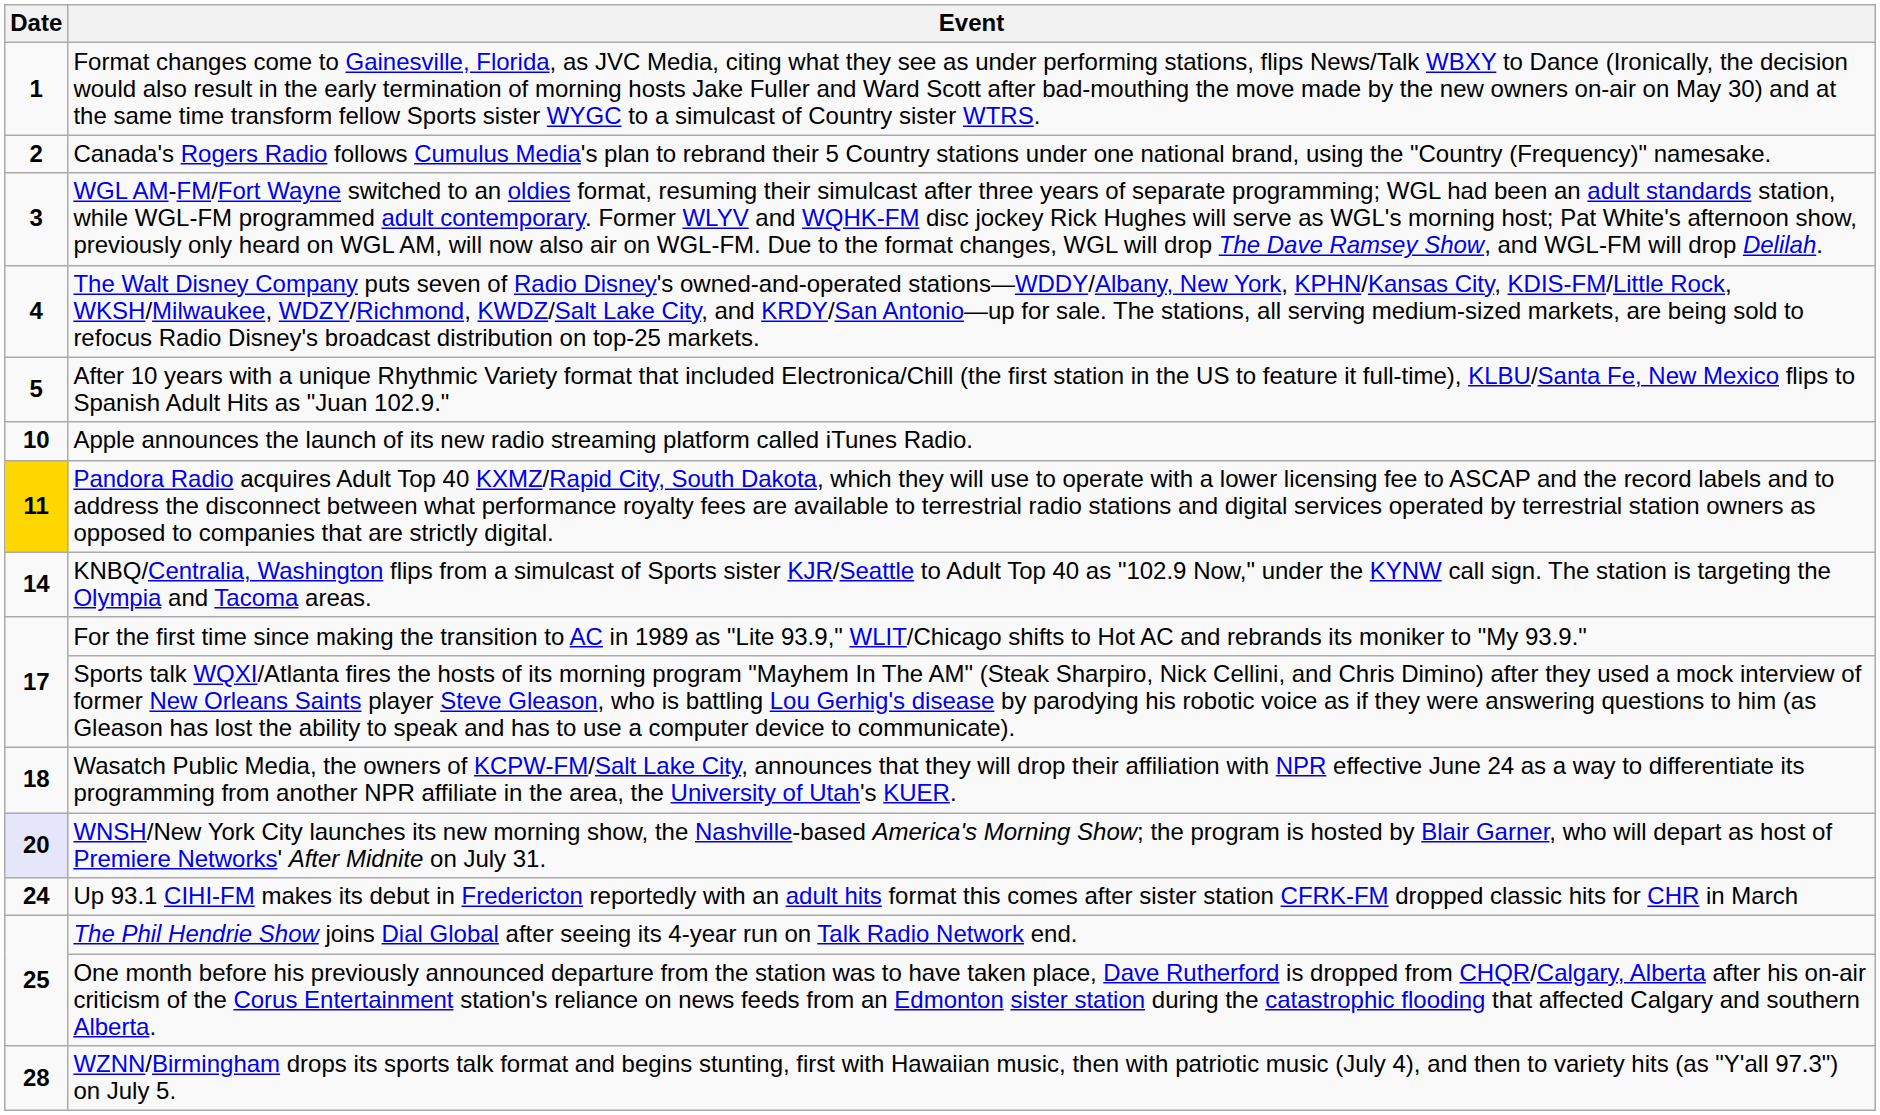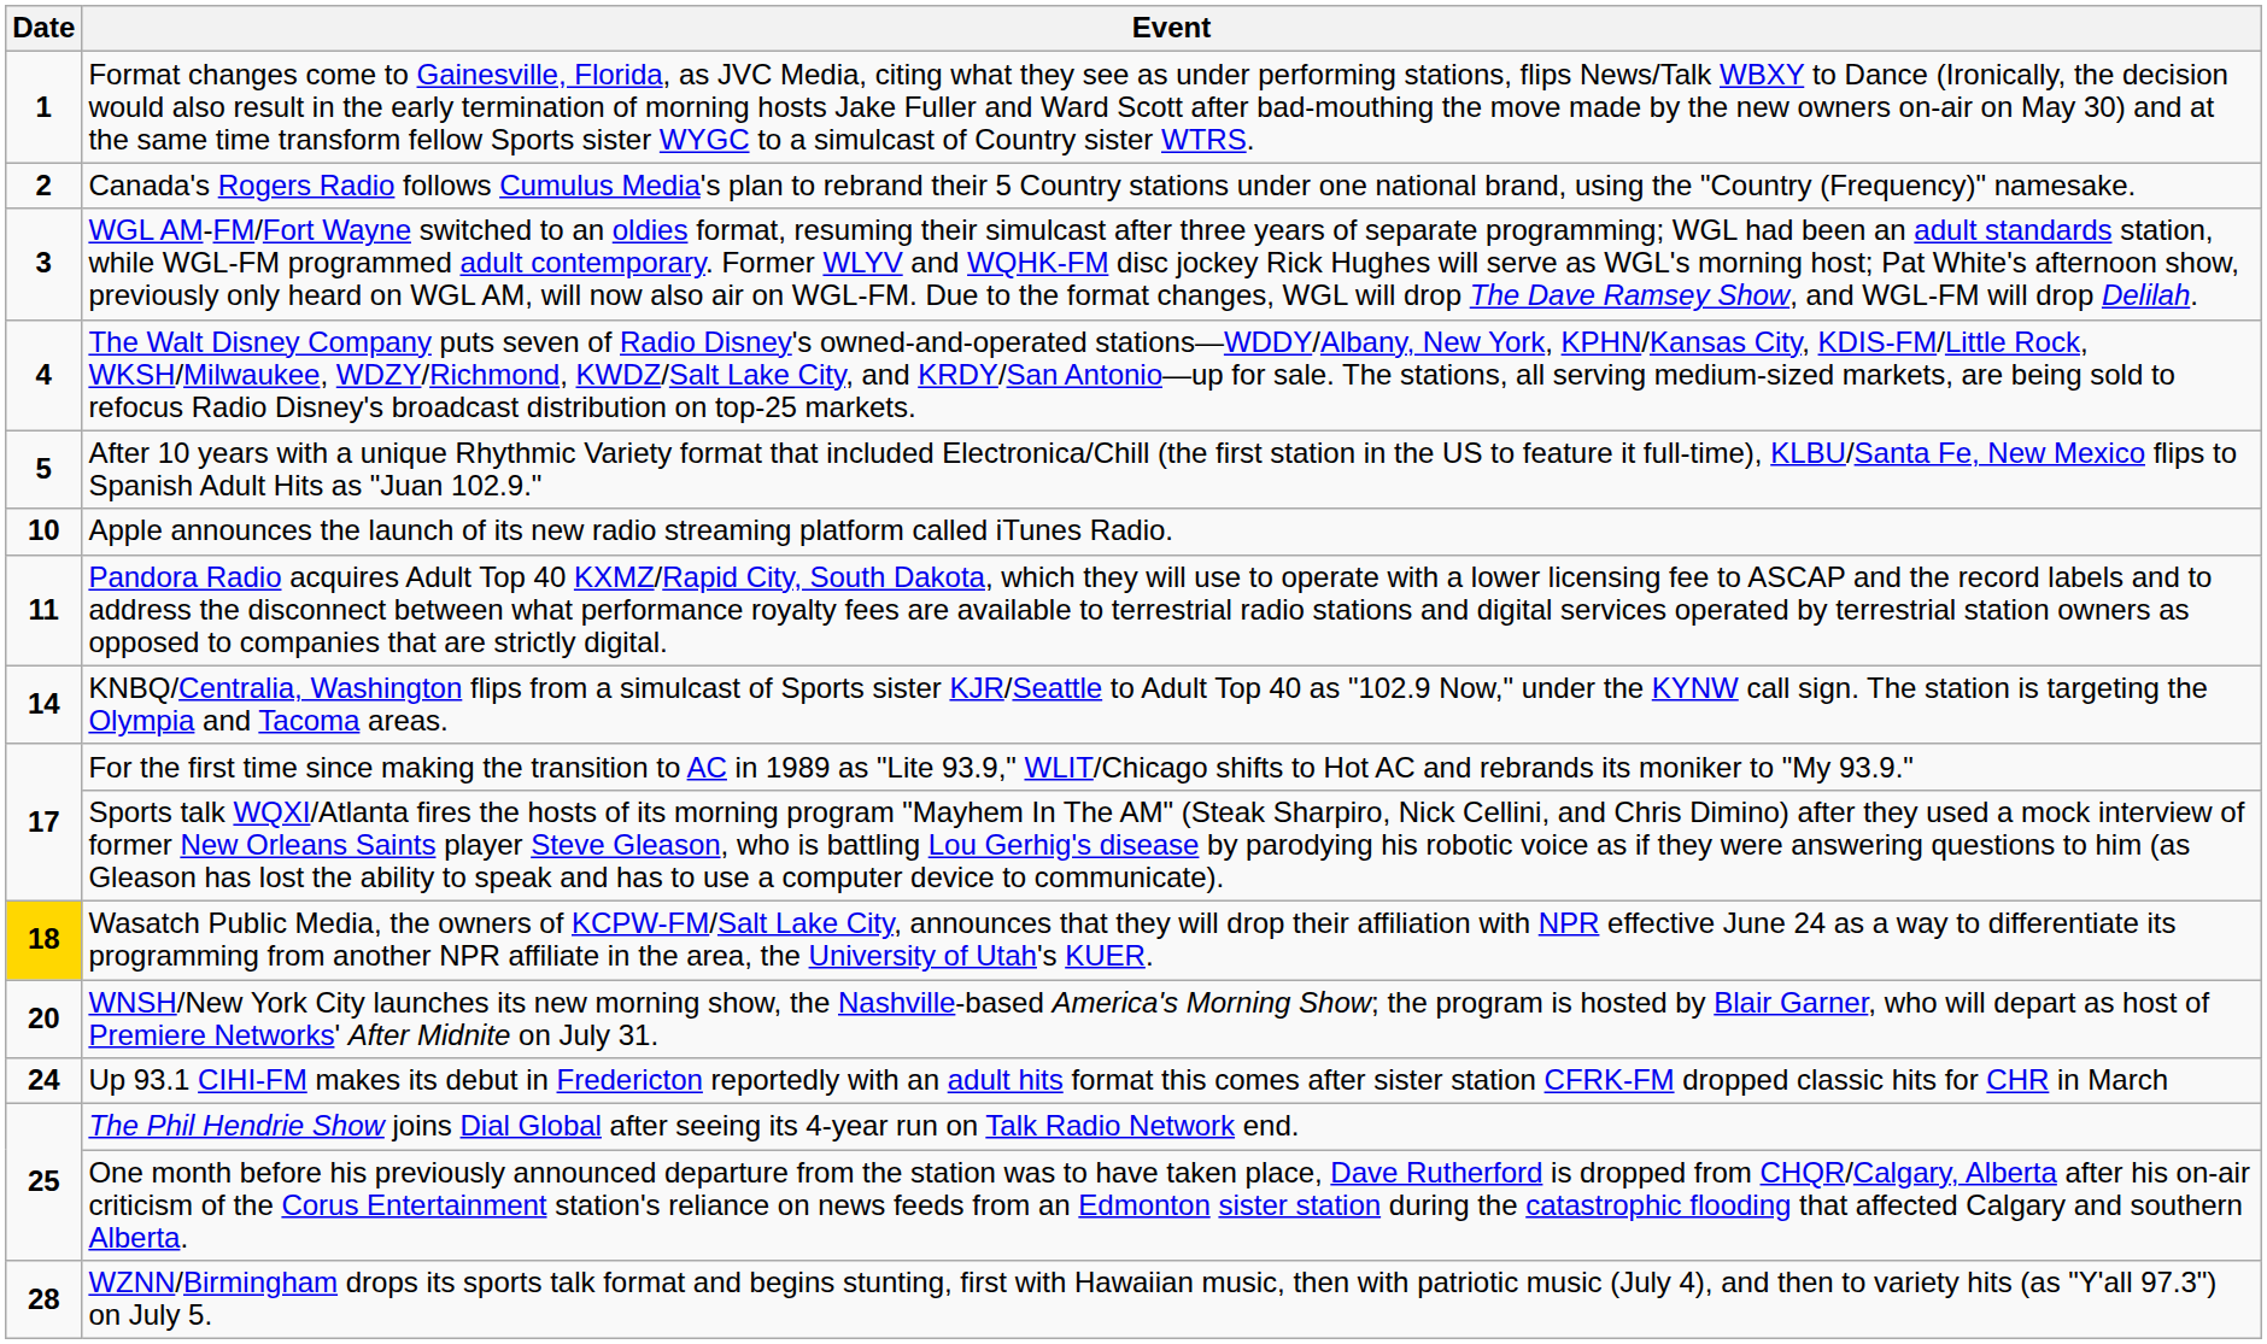 <table class="wikitable">
 <tr>
 <th>Date</th>
 <th>Event</th>
 </tr>
 <tr>
 <td style="text-align:center;"><strong>1</strong></td>
 <td>Format changes come to <a href='#'>Gainesville, Florida</a>, as JVC Media, citing what they see as under performing stations, flips News/Talk <a href='#'>WBXY</a> to Dance (Ironically, the decision would also result in the early termination of morning hosts Jake Fuller and Ward Scott after bad-mouthing the move made by the new owners on-air on May 30) and at the same time transform fellow Sports sister <a href='#'>WYGC</a> to a simulcast of Country sister <a href='#'>WTRS</a>.</td>
 </tr>
 <tr>
 <td style="text-align:center;"><strong>2</strong></td>
 <td>Canada's <a href='#'>Rogers Radio</a> follows <a href='#'>Cumulus Media</a>'s plan to rebrand their 5 Country stations under one national brand, using the "Country (Frequency)" namesake.</td>
 </tr>
 <tr>
 <td style="text-align:center;"><strong>3</strong></td>
 <td><a href='#'>WGL AM</a>-<a href='#'>FM</a>/<a href='#'>Fort Wayne</a> switched to an <a href='#'>oldies</a> format, resuming their simulcast after three years of separate programming; WGL had been an <a href='#'>adult standards</a> station, while WGL-FM programmed <a href='#'>adult contemporary</a>. Former <a href='#'>WLYV</a> and <a href='#'>WQHK-FM</a> disc jockey Rick Hughes will serve as WGL's morning host; Pat White's afternoon show, previously only heard on WGL AM, will now also air on WGL-FM. Due to the format changes, WGL will drop <em><a href='#'>The Dave Ramsey Show</a></em>, and WGL-FM will drop <em><a href='#'>Delilah</a></em>.</td>
 </tr>
 <tr>
 <td style="text-align:center;"><strong>4</strong></td>
 <td><a href='#'>The Walt Disney Company</a> puts seven of <a href='#'>Radio Disney</a>'s owned-and-operated stations—<a href='#'>WDDY</a>/<a href='#'>Albany, New York</a>, <a href='#'>KPHN</a>/<a href='#'>Kansas City</a>, <a href='#'>KDIS-FM</a>/<a href='#'>Little Rock</a>, <a href='#'>WKSH</a>/<a href='#'>Milwaukee</a>, <a href='#'>WDZY</a>/<a href='#'>Richmond</a>, <a href='#'>KWDZ</a>/<a href='#'>Salt Lake City</a>, and <a href='#'>KRDY</a>/<a href='#'>San Antonio</a>—up for sale. The stations, all serving medium-sized markets, are being sold to refocus Radio Disney's broadcast distribution on top-25 markets.</td>
 </tr>
 <tr>
 <td style="text-align:center;"><strong>5</strong></td>
 <td>After 10 years with a unique Rhythmic Variety format that included Electronica/Chill (the first station in the US to feature it full-time), <a href='#'>KLBU</a>/<a href='#'>Santa Fe, New Mexico</a> flips to Spanish Adult Hits as "Juan 102.9."</td>
 </tr>
 <tr>
 <td style="text-align:center;"><strong>10</strong></td>
 <td>Apple announces the launch of its new radio streaming platform called iTunes Radio.</td>
 </tr>
 <tr>
-<td style="background: gold; text-align:center;"><strong>11</strong></td>
+<td style="text-align:center;"><strong>11</strong></td>
 <td><a href='#'>Pandora Radio</a> acquires Adult Top 40 <a href='#'>KXMZ</a>/<a href='#'>Rapid City, South Dakota</a>, which they will use to operate with a lower licensing fee to ASCAP and the record labels and to address the disconnect between what performance royalty fees are available to terrestrial radio stations and digital services operated by terrestrial station owners as opposed to companies that are strictly digital.</td>
 </tr>
 <tr>
 <td style="text-align:center;"><strong>14</strong></td>
 <td>KNBQ/<a href='#'>Centralia, Washington</a> flips from a simulcast of Sports sister <a href='#'>KJR</a>/<a href='#'>Seattle</a> to Adult Top 40 as "102.9 Now," under the <a href='#'>KYNW</a> call sign. The station is targeting the <a href='#'>Olympia</a> and <a href='#'>Tacoma</a> areas.</td>
 </tr>
 <tr>
 <td style="text-align:center;" rowspan=2><strong>17</strong></td>
 <td>For the first time since making the transition to <a href='#'>AC</a> in 1989 as "Lite 93.9," <a href='#'>WLIT</a>/Chicago shifts to Hot AC and rebrands its moniker to "My 93.9."</td>
 </tr>
 <tr>
 <td>Sports talk <a href='#'>WQXI</a>/Atlanta fires the hosts of its morning program "Mayhem In The AM" (Steak Sharpiro, Nick Cellini, and Chris Dimino) after they used a mock interview of former <a href='#'>New Orleans Saints</a> player <a href='#'>Steve Gleason</a>, who is battling <a href='#'>Lou Gerhig's disease</a> by parodying his robotic voice as if they were answering questions to him (as Gleason has lost the ability to speak and has to use a computer device to communicate).</td>
 </tr>
 <tr>
-<td style="text-align:center;"><strong>18</strong></td>
+<td style="background: gold; text-align:center;"><strong>18</strong></td>
 <td>Wasatch Public Media, the owners of <a href='#'>KCPW-FM</a>/<a href='#'>Salt Lake City</a>, announces that they will drop their affiliation with <a href='#'>NPR</a> effective June 24 as a way to differentiate its programming from another NPR affiliate in the area, the <a href='#'>University of Utah</a>'s <a href='#'>KUER</a>.</td>
 </tr>
 <tr>
-<td style="background: lavender; text-align:center;"><strong>20</strong></td>
+<td style="text-align:center;"><strong>20</strong></td>
 <td><a href='#'>WNSH</a>/New York City launches its new morning show, the <a href='#'>Nashville</a>-based <em>America's Morning Show</em>; the program is hosted by <a href='#'>Blair Garner</a>, who will depart as host of <a href='#'>Premiere Networks</a>' <em>After Midnite</em> on July 31.</td>
 </tr>
 <tr>
 <td style="text-align:center;"><strong>24</strong></td>
 <td>Up 93.1 <a href='#'>CIHI-FM</a> makes its debut in <a href='#'>Fredericton</a> reportedly with an <a href='#'>adult hits</a> format this comes after sister station <a href='#'>CFRK-FM</a> dropped classic hits for <a href='#'>CHR</a> in March</td>
 </tr>
 <tr>
 <td style="text-align:center;" rowspan=2><strong>25</strong></td>
 <td><em><a href='#'>The Phil Hendrie Show</a></em> joins <a href='#'>Dial Global</a> after seeing its 4-year run on <a href='#'>Talk Radio Network</a> end.</td>
 </tr>
 <tr>
 <td>One month before his previously announced departure from the station was to have taken place, <a href='#'>Dave Rutherford</a> is dropped from <a href='#'>CHQR</a>/<a href='#'>Calgary, Alberta</a> after his on-air criticism of the <a href='#'>Corus Entertainment</a> station's reliance on news feeds from an <a href='#'>Edmonton</a> <a href='#'>sister station</a> during the <a href='#'>catastrophic flooding</a> that affected Calgary and southern <a href='#'>Alberta</a>.</td>
 </tr>
 <tr>
 <td style="text-align:center;"><strong>28</strong></td>
 <td><a href='#'>WZNN</a>/<a href='#'>Birmingham</a> drops its sports talk format and begins stunting, first with Hawaiian music, then with patriotic music (July 4), and then to variety hits (as "Y'all 97.3") on July 5.</td>
 </tr>
 </table>
